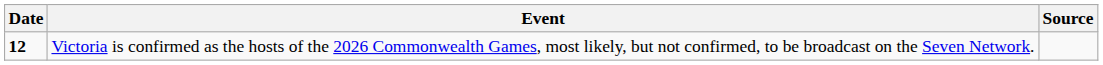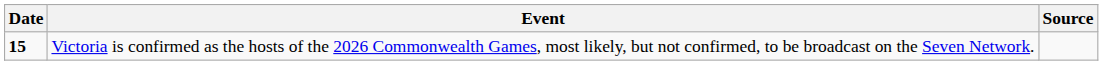 <table class="wikitable">
 <tr>
 <th>Date</th>
 <th>Event</th>
 <th>Source</th>
 </tr>
 <tr>
-<td><strong>12</strong></td>
+<td><strong>15</strong></td>
 <td><a href='#'>Victoria</a> is confirmed as the hosts of the <a href='#'>2026 Commonwealth Games</a>, most likely, but not confirmed, to be broadcast on the <a href='#'>Seven Network</a>.</td>
 <td></td>
 </tr>
 </table>
